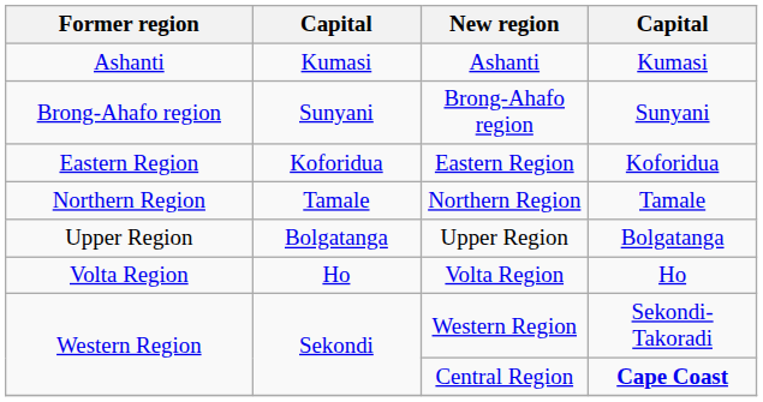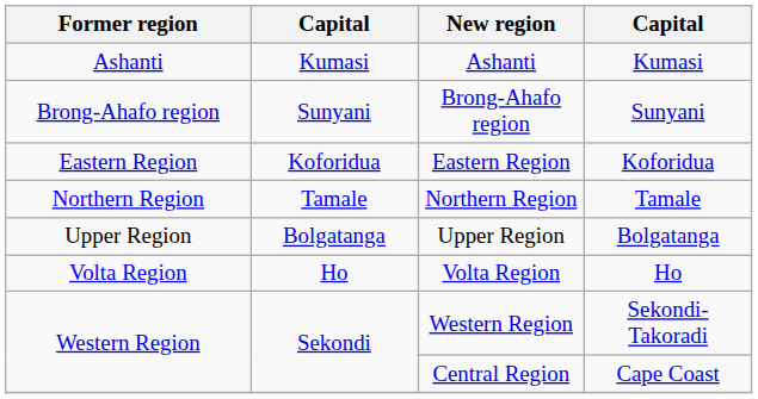 <table class="wikitable" style="font-size:90%; text-align:center;">
 <tr>
 <th width=150>Former region</th>
 <th width=100>Capital</th>
 <th width=100>New region</th>
 <th width=100>Capital</th>
 </tr>
 <tr>
 <td><a href='#'>Ashanti</a></td>
 <td><a href='#'>Kumasi</a></td>
 <td><a href='#'>Ashanti</a></td>
 <td><a href='#'>Kumasi</a></td>
 </tr>
 <tr>
 <td><a href='#'>Brong-Ahafo region</a></td>
 <td><a href='#'>Sunyani</a></td>
 <td><a href='#'>Brong-Ahafo region</a></td>
 <td><a href='#'>Sunyani</a></td>
 </tr>
 <tr>
 <td><a href='#'>Eastern Region</a></td>
 <td><a href='#'>Koforidua</a></td>
 <td><a href='#'>Eastern Region</a></td>
 <td><a href='#'>Koforidua</a></td>
 </tr>
 <tr>
 <td><a href='#'>Northern Region</a></td>
 <td><a href='#'>Tamale</a></td>
 <td><a href='#'>Northern Region</a></td>
 <td><a href='#'>Tamale</a></td>
 </tr>
 <tr>
 <td>Upper Region</td>
 <td><a href='#'>Bolgatanga</a></td>
 <td>Upper Region</td>
 <td><a href='#'>Bolgatanga</a></td>
 </tr>
 <tr>
 <td><a href='#'>Volta Region</a></td>
 <td><a href='#'>Ho</a></td>
 <td><a href='#'>Volta Region</a></td>
 <td><a href='#'>Ho</a></td>
 </tr>
 <tr>
 <td rowspan=2><a href='#'>Western Region</a></td>
 <td rowspan=2><a href='#'>Sekondi</a></td>
 <td><a href='#'>Western Region</a></td>
 <td><a href='#'>Sekondi-Takoradi</a></td>
 </tr>
 <tr>
 <td><a href='#'>Central Region</a></td>
-<td><strong><a href='#'>Cape Coast</a></strong></td>
+<td><a href='#'>Cape Coast</a></td>
 </tr>
 <tr>
 </tr>
 </table>
